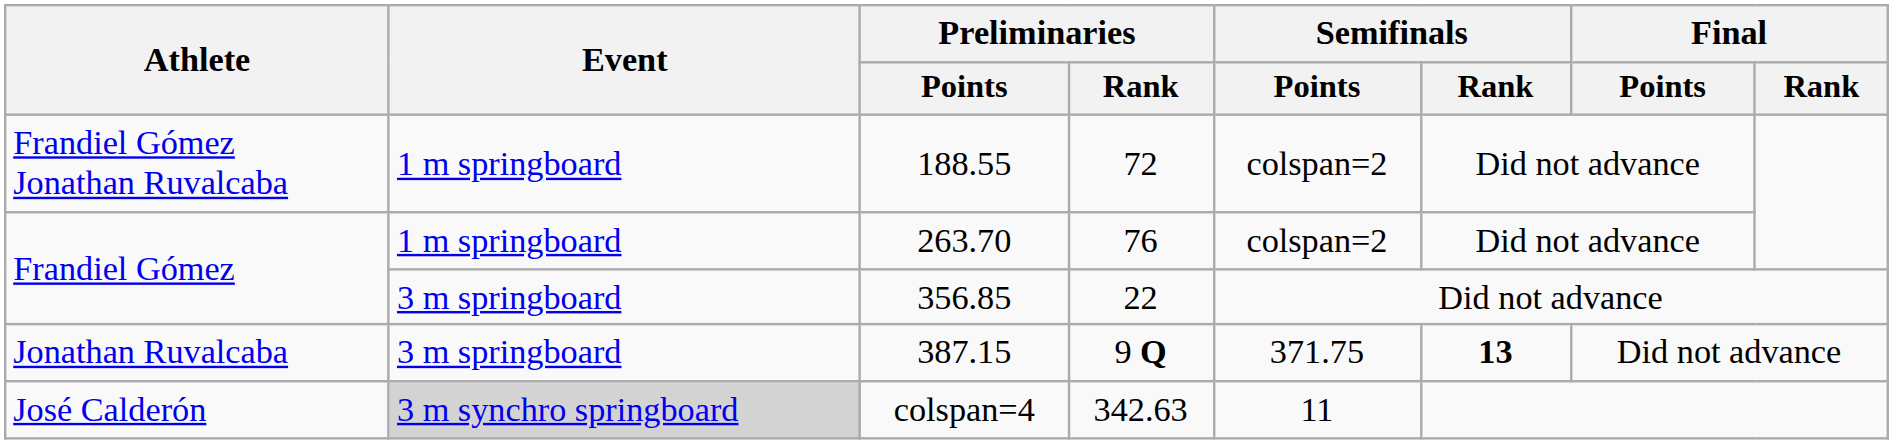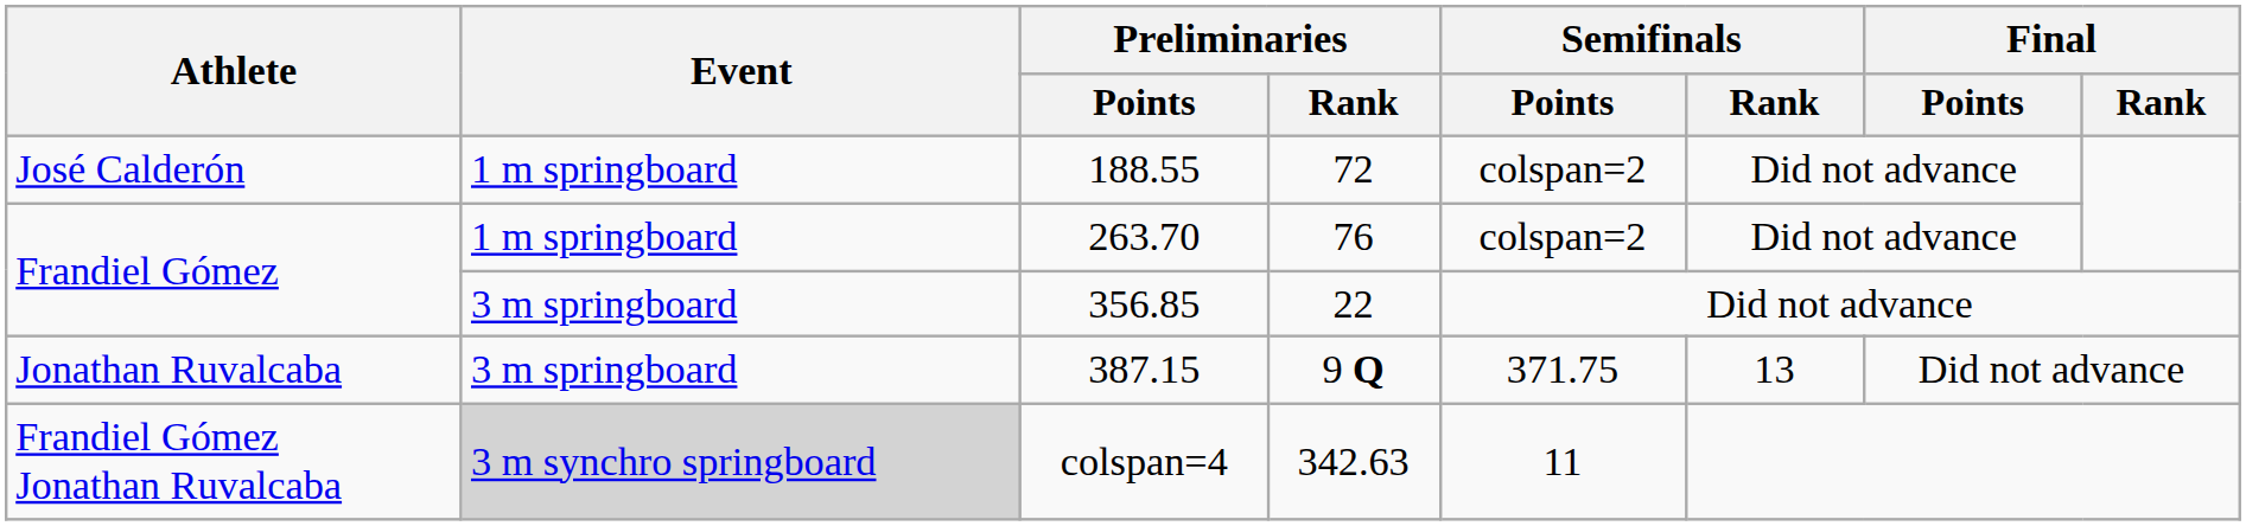 <table class="wikitable" style="text-align:center; font-size:90%; width:50%;">
 <tr>
 <th rowspan=2>Athlete</th>
 <th rowspan=2>Event</th>
 <th colspan=2>Preliminaries</th>
 <th colspan=2>Semifinals</th>
 <th colspan=2>Final</th>
 </tr>
 <tr style="font-size:95%">
 <th>Points</th>
 <th>Rank</th>
 <th>Points</th>
 <th>Rank</th>
 <th>Points</th>
 <th>Rank</th>
 </tr>
 <tr>
-<td align=left><a href='#'>Frandiel Gómez</a><br><a href='#'>Jonathan Ruvalcaba</a></td>
+<td align=left><a href='#'>José Calderón</a></td>
 <td align=left><a href='#'>1 m springboard</a></td>
 <td>188.55</td>
 <td>72</td>
 <td>colspan=2 </td>
 <td colspan=2>Did not advance</td>
 </tr>
 <tr>
 <td align=left rowspan=2><a href='#'>Frandiel Gómez</a></td>
 <td align=left><a href='#'>1 m springboard</a></td>
 <td>263.70</td>
 <td>76</td>
 <td>colspan=2 </td>
 <td colspan=2>Did not advance</td>
 </tr>
 <tr>
 <td align=left><a href='#'>3 m springboard</a></td>
 <td>356.85</td>
 <td>22</td>
 <td colspan=4>Did not advance</td>
 </tr>
 <tr>
 <td align=left><a href='#'>Jonathan Ruvalcaba</a></td>
 <td align=left><a href='#'>3 m springboard</a></td>
 <td>387.15</td>
 <td>9 <strong>Q</strong></td>
 <td>371.75</td>
-<td><strong>13</strong></td>
+<td>13</td>
 <td colspan=2>Did not advance</td>
 </tr>
 <tr>
-<td align=left><a href='#'>José Calderón</a></td>
+<td align=left><a href='#'>Frandiel Gómez</a><br><a href='#'>Jonathan Ruvalcaba</a></td>
 <td align=left style="background: lightgrey;"><a href='#'>3 m synchro springboard</a></td>
 <td>colspan=4 </td>
 <td>342.63</td>
 <td>11</td>
 </tr>
 </table>
